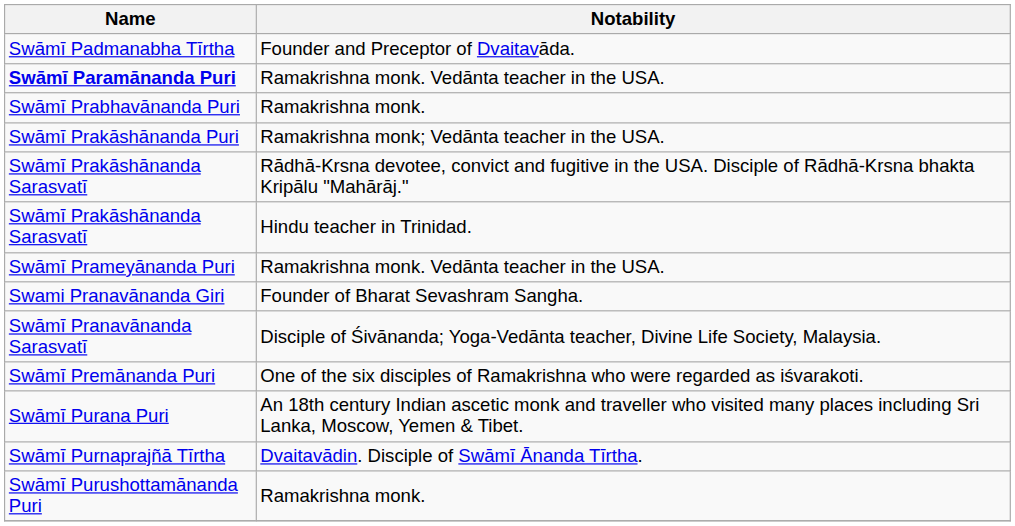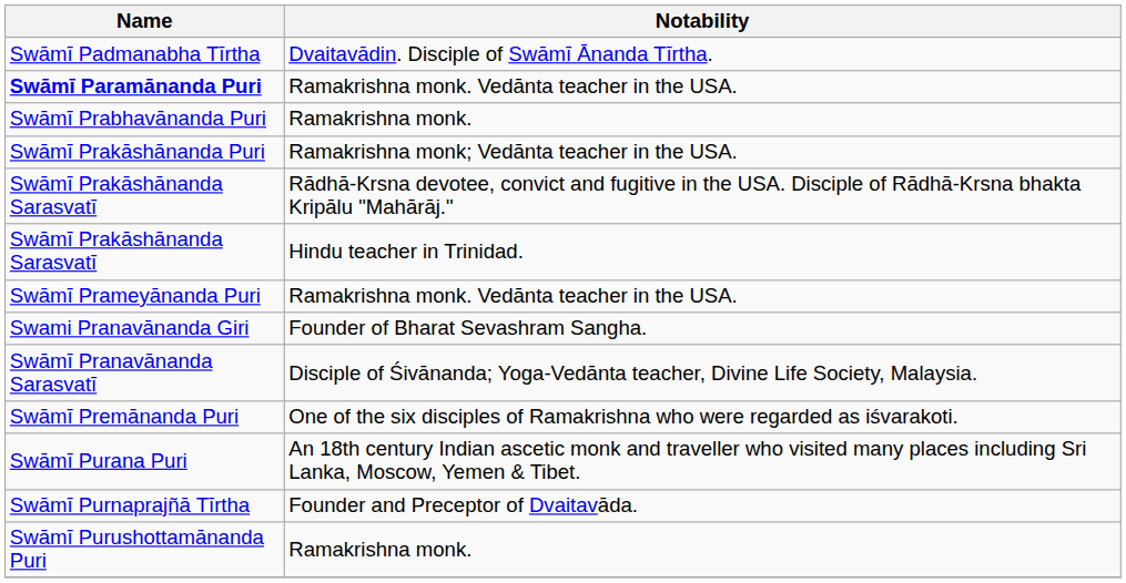 <table class="wikitable">
 <tr>
 <th width=25%>Name</th>
 <th>Notability</th>
 </tr>
 <tr>
 <td><a href='#'>Swāmī Padmanabha Tīrtha</a></td>
-<td>Founder and Preceptor of <a href='#'>Dvaitav</a>āda.</td>
+<td><a href='#'>Dvaitavādin</a>.  Disciple of <a href='#'>Swāmī Ānanda Tīrtha</a>.</td>
 </tr>
 <tr>
 <td><strong><a href='#'>Swāmī Paramānanda Puri</a></strong></td>
 <td>Ramakrishna monk. Vedānta teacher in the USA.</td>
 </tr>
 <tr>
 <td><a href='#'>Swāmī Prabhavānanda Puri</a></td>
 <td>Ramakrishna monk.</td>
 </tr>
 <tr>
 <td><a href='#'>Swāmī Prakāshānanda Puri</a></td>
 <td>Ramakrishna monk; Vedānta teacher in the USA.</td>
 </tr>
 <tr>
 <td><a href='#'>Swāmī Prakāshānanda Sarasvatī</a></td>
 <td>Rādhā-Krsna devotee, convict and fugitive in the USA. Disciple of Rādhā-Krsna bhakta Kripālu "Mahārāj."</td>
 </tr>
 <tr>
 <td><a href='#'>Swāmī Prakāshānanda Sarasvatī</a></td>
 <td>Hindu teacher in Trinidad.</td>
 </tr>
 <tr>
 <td><a href='#'>Swāmī Prameyānanda Puri</a></td>
 <td>Ramakrishna monk. Vedānta teacher in the USA.</td>
 </tr>
 <tr>
 <td><a href='#'>Swami Pranavānanda Giri</a></td>
 <td>Founder of Bharat Sevashram Sangha.</td>
 </tr>
 <tr>
 <td><a href='#'>Swāmī Pranavānanda Sarasvatī</a></td>
 <td>Disciple of Śivānanda; Yoga-Vedānta teacher, Divine Life Society, Malaysia.</td>
 </tr>
 <tr>
 <td><a href='#'>Swāmī Premānanda Puri</a></td>
 <td>One of the six disciples of Ramakrishna who were regarded as iśvarakoti.</td>
 </tr>
 <tr>
 <td><a href='#'>Swāmī Purana Puri</a></td>
 <td>An 18th century Indian ascetic monk and traveller who visited many places including Sri Lanka, Moscow, Yemen & Tibet.</td>
 </tr>
 <tr>
 <td><a href='#'>Swāmī Purnaprajñā Tīrtha</a></td>
-<td><a href='#'>Dvaitavādin</a>.  Disciple of <a href='#'>Swāmī Ānanda Tīrtha</a>.</td>
+<td>Founder and Preceptor of <a href='#'>Dvaitav</a>āda.</td>
 </tr>
 <tr>
 <td><a href='#'>Swāmī Purushottamānanda Puri</a></td>
 <td>Ramakrishna monk.</td>
 </tr>
 <tr>
 </tr>
 </table>
